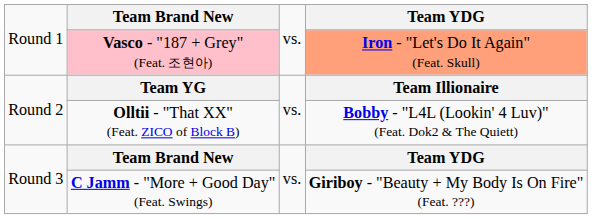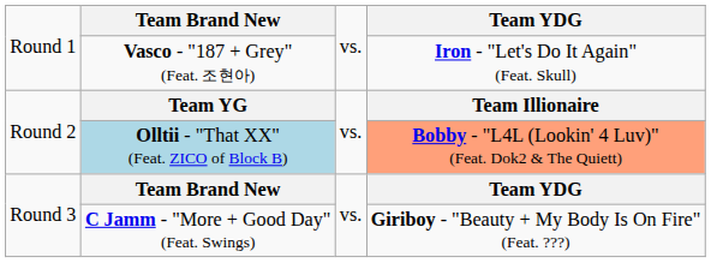 <table class="wikitable" style="text-align:center" border="2">
 <tr>
 <td rowspan="2">Round 1</td>
 <th>Team Brand New</th>
 <td rowspan="2">vs.</td>
 <th>Team YDG</th>
 </tr>
 <tr>
-<td style="background: pink;"><strong>Vasco</strong> - "187 + Grey"<br><small>(Feat. 조현아)</small></td>
-<td style="background: lightsalmon;"><strong><a href='#'>Iron</a></strong> - "Let's Do It Again"<br><small>(Feat. Skull)</small></td>
+<td><strong>Vasco</strong> - "187 + Grey"<br><small>(Feat. 조현아)</small></td>
+<td><strong><a href='#'>Iron</a></strong> - "Let's Do It Again"<br><small>(Feat. Skull)</small></td>
 </tr>
 <tr>
 <td rowspan="2">Round 2</td>
 <th>Team YG</th>
 <td rowspan="2">vs.</td>
 <th>Team Illionaire</th>
 </tr>
 <tr>
-<td><strong>Olltii</strong> - "That XX"<br><small> (Feat. <a href='#'>ZICO</a> of <a href='#'>Block B</a>)</small></td>
-<td><strong><a href='#'>Bobby</a></strong> - "L4L (Lookin' 4 Luv)"<br><small> (Feat. Dok2 & The Quiett)</small></td>
+<td style="background: lightblue;"><strong>Olltii</strong> - "That XX"<br><small> (Feat. <a href='#'>ZICO</a> of <a href='#'>Block B</a>)</small></td>
+<td style="background: lightsalmon;"><strong><a href='#'>Bobby</a></strong> - "L4L (Lookin' 4 Luv)"<br><small> (Feat. Dok2 & The Quiett)</small></td>
 </tr>
 <tr>
 <td rowspan="2">Round 3</td>
 <th>Team Brand New</th>
 <td rowspan="2">vs.</td>
 <th>Team YDG</th>
 </tr>
 <tr>
 <td><strong><a href='#'>C Jamm</a></strong> - "More + Good Day"<br><small> (Feat. Swings)</small></td>
 <td><strong>Giriboy</strong> - "Beauty + My Body Is On Fire"<br><small>(Feat. ???)</small></td>
 </tr>
 </table>
